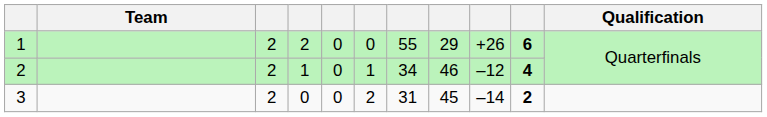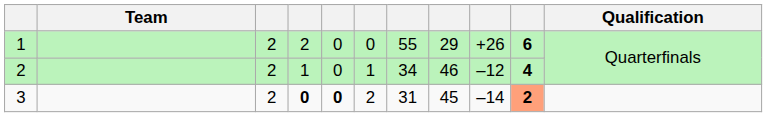 <table class="wikitable" style="text-align:center;">
 <tr>
 <th style="width:1.5em;"></th>
 <th style="width:12.5em">Team</th>
 <th style="width:1.5em;"></th>
 <th style="width:1.5em;"></th>
 <th style="width:1.5em;"></th>
 <th style="width:1.5em;"></th>
 <th style="width:2.0em;"></th>
 <th style="width:2.0em;"></th>
 <th style="width:2.0em;"></th>
 <th style="width:1.5em;"></th>
 <th style="width:12.5em">Qualification</th>
 </tr>
 <tr bgcolor="#bbf3bb">
 <td>1</td>
 <td align="left"></td>
 <td>2</td>
 <td>2</td>
 <td>0</td>
 <td>0</td>
 <td>55</td>
 <td>29</td>
 <td>+26</td>
 <td><strong>6</strong></td>
 <td rowspan=2>Quarterfinals</td>
 </tr>
 <tr bgcolor="#bbf3bb">
 <td>2</td>
 <td align="left"></td>
 <td>2</td>
 <td>1</td>
 <td>0</td>
 <td>1</td>
 <td>34</td>
 <td>46</td>
 <td>–12</td>
 <td><strong>4</strong></td>
 </tr>
 <tr>
 <td>3</td>
 <td align="left"></td>
 <td>2</td>
-<td>0</td>
-<td>0</td>
+<td><strong>0</strong></td>
+<td><strong>0</strong></td>
 <td>2</td>
 <td>31</td>
 <td>45</td>
 <td>–14</td>
-<td><strong>2</strong></td>
+<td style="background: lightsalmon;"><strong>2</strong></td>
 <td></td>
 </tr>
 </table>
